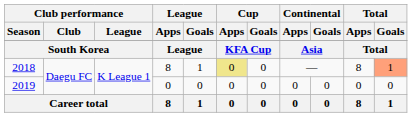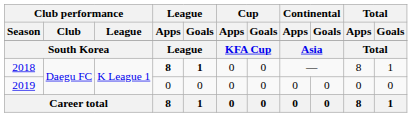 <table class="wikitable" style="text-align:center">
 <tr>
 <th colspan=3>Club performance</th>
 <th colspan=2>League</th>
 <th colspan=2>Cup</th>
 <th colspan=2>Continental</th>
 <th colspan=2>Total</th>
 </tr>
 <tr>
 <th>Season</th>
 <th>Club</th>
 <th>League</th>
 <th>Apps</th>
 <th>Goals</th>
 <th>Apps</th>
 <th>Goals</th>
 <th>Apps</th>
 <th>Goals</th>
 <th>Apps</th>
 <th>Goals</th>
 </tr>
 <tr>
 </tr>
 <tr>
 <th colspan=3>South Korea</th>
 <th colspan=2>League</th>
 <th colspan=2><a href='#'>KFA Cup</a></th>
 <th colspan=2><a href='#'>Asia</a></th>
 <th colspan=2>Total</th>
 </tr>
 <tr>
 <td><a href='#'>2018</a></td>
 <td rowspan="2"><a href='#'>Daegu FC</a></td>
 <td rowspan="2"><a href='#'>K League 1</a></td>
-<td>8</td>
-<td>1</td>
-<td style="background: khaki;">0</td>
+<td><strong>8</strong></td>
+<td><strong>1</strong></td>
+<td>0</td>
 <td>0</td>
 <td colspan="2">—</td>
 <td>8</td>
-<td style="background: lightsalmon;">1</td>
+<td>1</td>
 </tr>
 <tr>
 <td><a href='#'>2019</a></td>
 <td>0</td>
 <td>0</td>
 <td>0</td>
 <td>0</td>
 <td>0</td>
 <td>0</td>
 <td>0</td>
 <td>0</td>
 </tr>
 <tr>
 <th colspan=3>Career total</th>
 <th>8</th>
 <th>1</th>
 <th>0</th>
 <th>0</th>
 <th>0</th>
 <th>0</th>
 <th>8</th>
 <th>1</th>
 </tr>
 </table>
